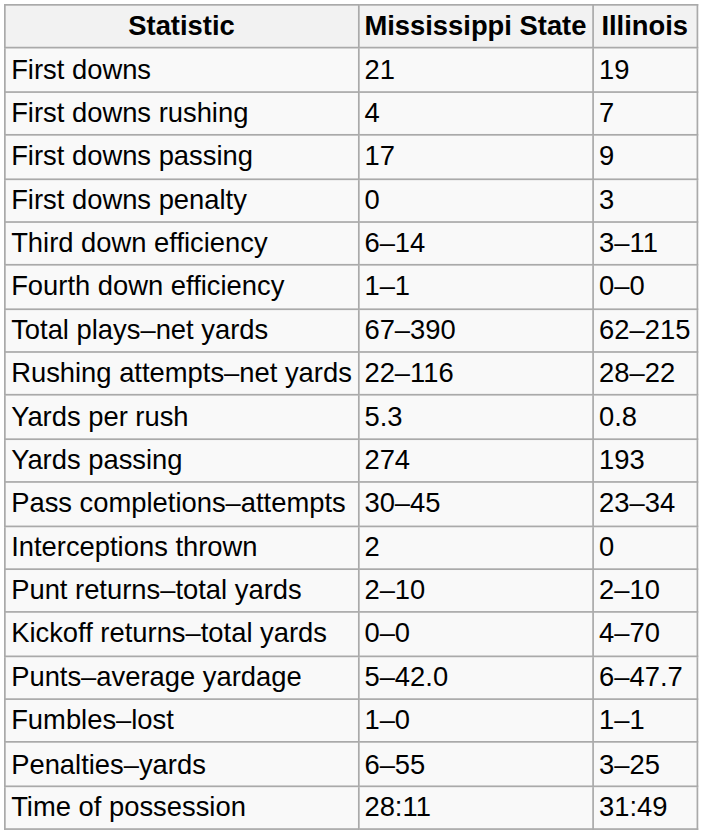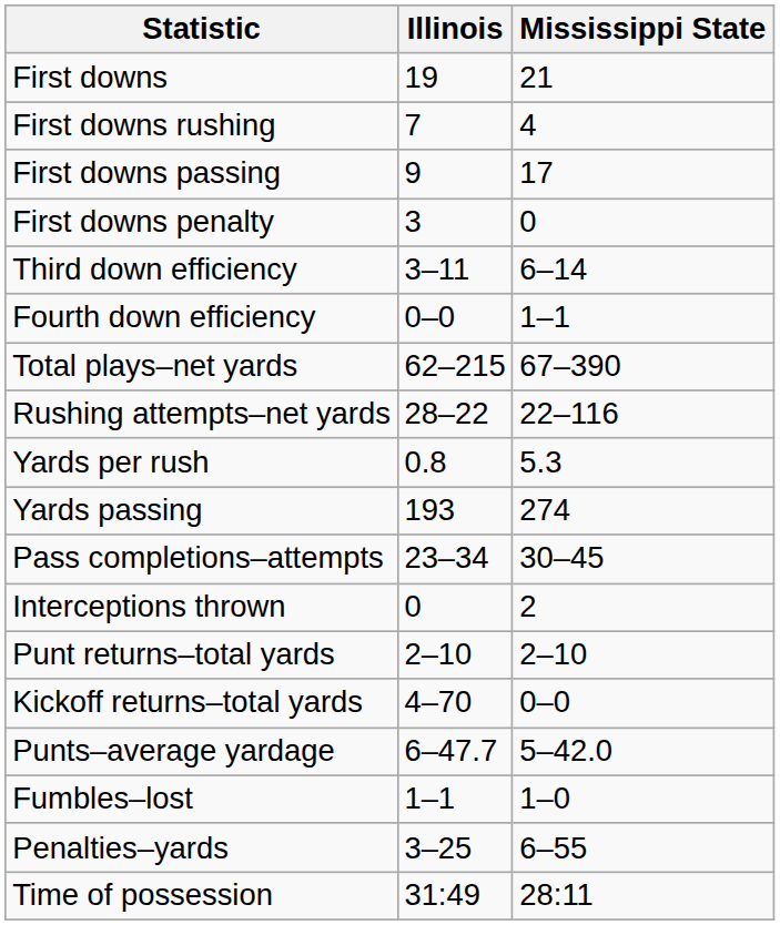 <table class="wikitable">
 <tr>
 <th>Statistic</th>
+<th><strong>Illinois</strong></th>
 <th><strong>Mississippi State</strong></th>
-<th><strong>Illinois</strong></th>
 </tr>
 <tr>
 <td>First downs</td>
+<td>19</td>
 <td>21</td>
-<td>19</td>
 </tr>
 <tr>
 <td>First downs rushing</td>
+<td>7</td>
 <td>4</td>
-<td>7</td>
 </tr>
 <tr>
 <td>First downs passing</td>
+<td>9</td>
 <td>17</td>
-<td>9</td>
 </tr>
 <tr>
 <td>First downs penalty</td>
+<td>3</td>
 <td>0</td>
-<td>3</td>
 </tr>
 <tr>
 <td>Third down efficiency</td>
+<td>3–11</td>
 <td>6–14</td>
-<td>3–11</td>
 </tr>
 <tr>
 <td>Fourth down efficiency</td>
+<td>0–0</td>
 <td>1–1</td>
-<td>0–0</td>
 </tr>
 <tr>
 <td>Total plays–net yards</td>
+<td>62–215</td>
 <td>67–390</td>
-<td>62–215</td>
 </tr>
 <tr>
 <td>Rushing attempts–net yards</td>
+<td>28–22</td>
 <td>22–116</td>
-<td>28–22</td>
 </tr>
 <tr>
 <td>Yards per rush</td>
+<td>0.8</td>
 <td>5.3</td>
-<td>0.8</td>
 </tr>
 <tr>
 <td>Yards passing</td>
+<td>193</td>
 <td>274</td>
-<td>193</td>
 </tr>
 <tr>
 <td>Pass completions–attempts</td>
+<td>23–34</td>
 <td>30–45</td>
-<td>23–34</td>
 </tr>
 <tr>
 <td>Interceptions thrown</td>
+<td>0</td>
 <td>2</td>
-<td>0</td>
 </tr>
 <tr>
 <td>Punt returns–total yards</td>
 <td>2–10</td>
 <td>2–10</td>
 </tr>
 <tr>
 <td>Kickoff returns–total yards</td>
+<td>4–70</td>
 <td>0–0</td>
-<td>4–70</td>
 </tr>
 <tr>
 <td>Punts–average yardage</td>
+<td>6–47.7</td>
 <td>5–42.0</td>
-<td>6–47.7</td>
 </tr>
 <tr>
 <td>Fumbles–lost</td>
+<td>1–1</td>
 <td>1–0</td>
-<td>1–1</td>
 </tr>
 <tr>
 <td>Penalties–yards</td>
+<td>3–25</td>
 <td>6–55</td>
-<td>3–25</td>
 </tr>
 <tr>
 <td>Time of possession</td>
+<td>31:49</td>
 <td>28:11</td>
-<td>31:49</td>
 </tr>
 </table>
